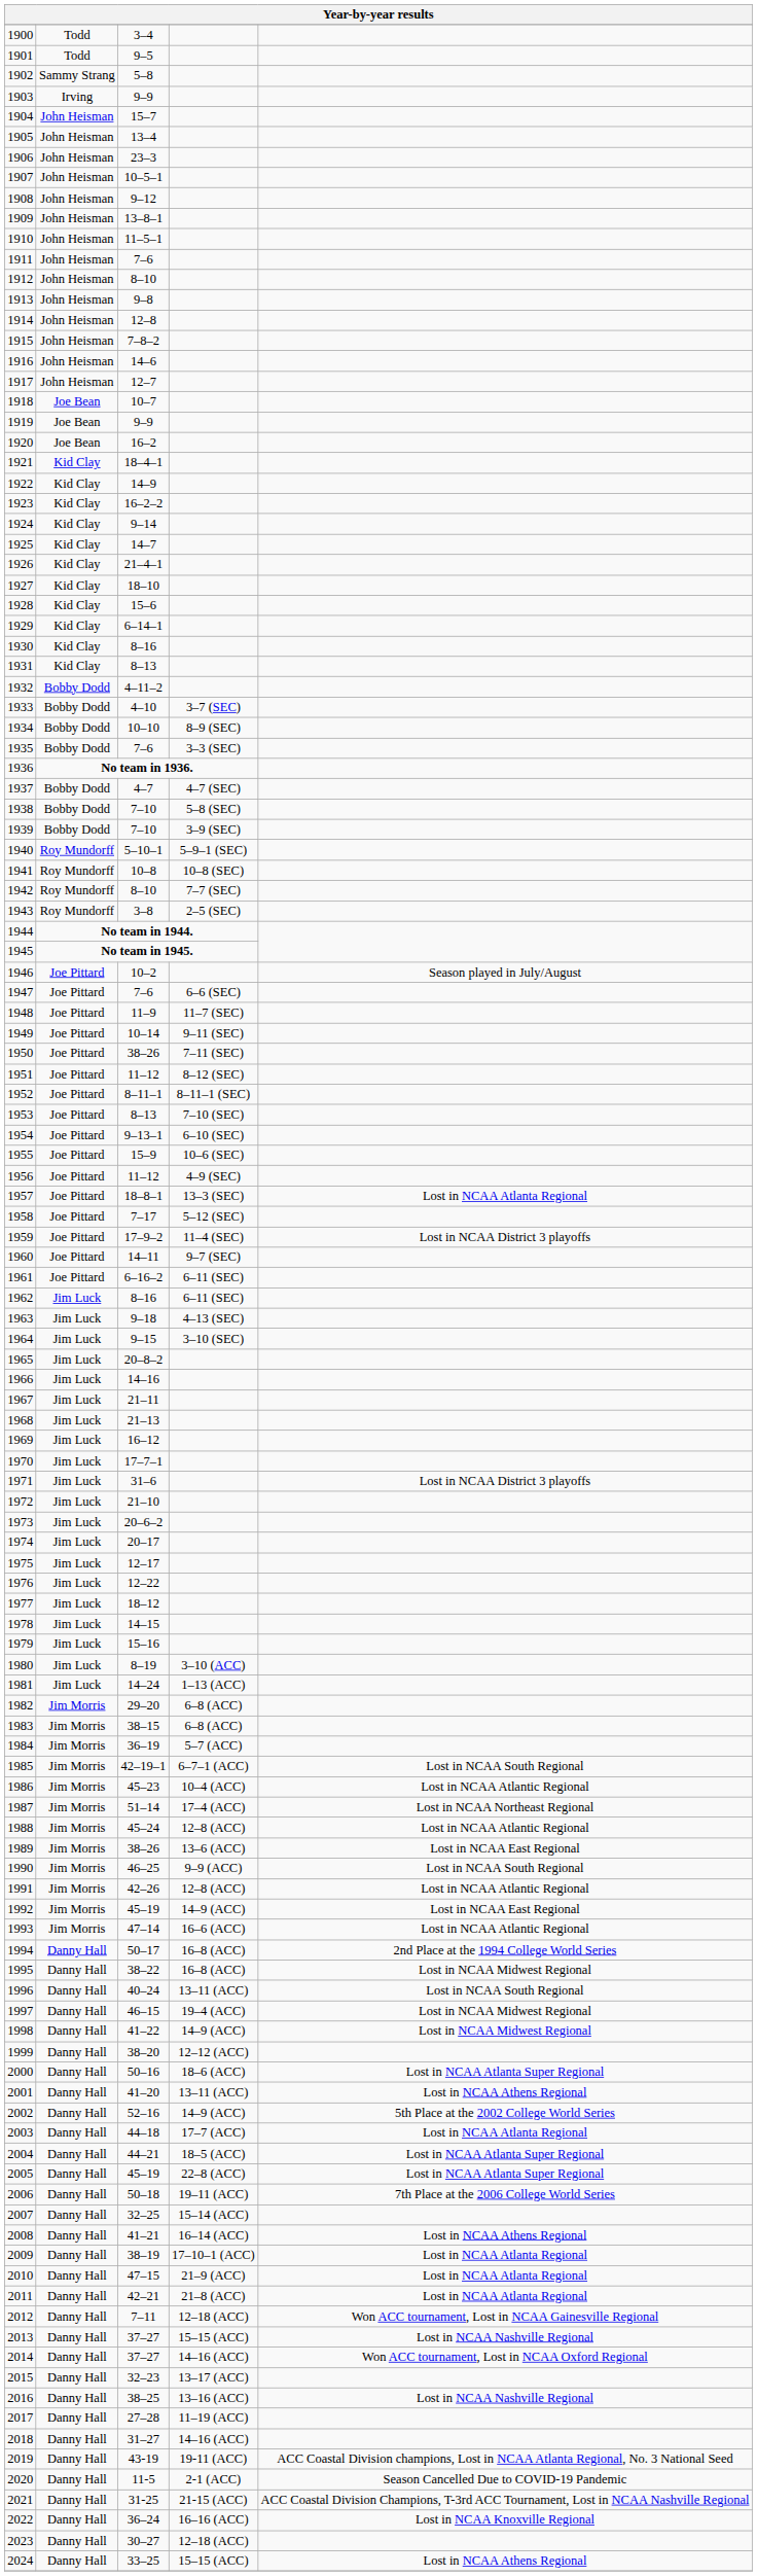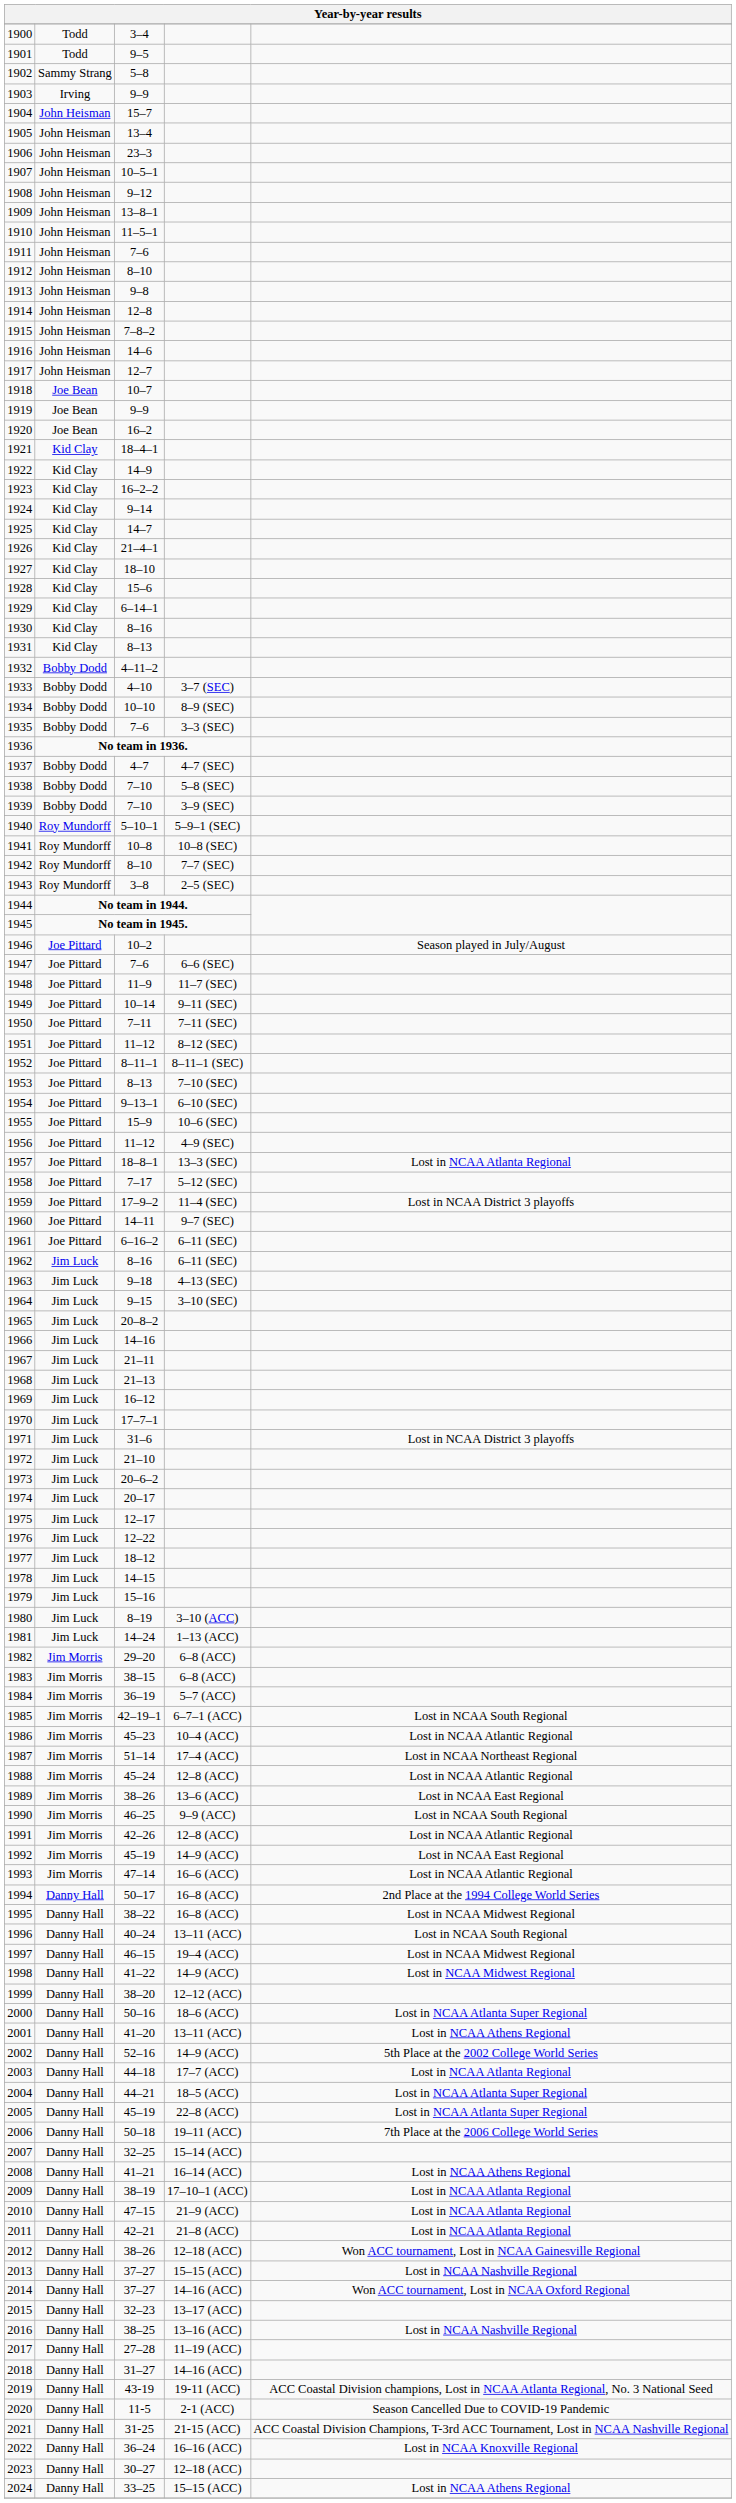 <table class="wikitable sortable collapsible" style="text-align:center">
 <tr>
 <th colspan=5>Year-by-year results</th>
 </tr>
 <tr>
 </tr>
 <tr>
 <td>1900</td>
 <td>Todd</td>
 <td>3–4</td>
 <td></td>
 <td></td>
 </tr>
 <tr>
 <td>1901</td>
 <td>Todd</td>
 <td>9–5</td>
 <td></td>
 <td></td>
 </tr>
 <tr>
 <td>1902</td>
 <td>Sammy Strang</td>
 <td>5–8</td>
 <td></td>
 <td></td>
 </tr>
 <tr>
 <td>1903</td>
 <td>Irving</td>
 <td>9–9</td>
 <td></td>
 <td></td>
 </tr>
 <tr>
 <td>1904</td>
 <td><a href='#'>John Heisman</a></td>
 <td>15–7</td>
 <td></td>
 <td></td>
 </tr>
 <tr>
 <td>1905</td>
 <td>John Heisman</td>
 <td>13–4</td>
 <td></td>
 <td></td>
 </tr>
 <tr>
 <td>1906</td>
 <td>John Heisman</td>
 <td>23–3</td>
 <td></td>
 <td></td>
 </tr>
 <tr>
 <td>1907</td>
 <td>John Heisman</td>
 <td>10–5–1</td>
 <td></td>
 <td></td>
 </tr>
 <tr>
 <td>1908</td>
 <td>John Heisman</td>
 <td>9–12</td>
 <td></td>
 <td></td>
 </tr>
 <tr>
 <td>1909</td>
 <td>John Heisman</td>
 <td>13–8–1</td>
 <td></td>
 <td></td>
 </tr>
 <tr>
 <td>1910</td>
 <td>John Heisman</td>
 <td>11–5–1</td>
 <td></td>
 <td></td>
 </tr>
 <tr>
 <td>1911</td>
 <td>John Heisman</td>
 <td>7–6</td>
 <td></td>
 <td></td>
 </tr>
 <tr>
 <td>1912</td>
 <td>John Heisman</td>
 <td>8–10</td>
 <td></td>
 <td></td>
 </tr>
 <tr>
 <td>1913</td>
 <td>John Heisman</td>
 <td>9–8</td>
 <td></td>
 <td></td>
 </tr>
 <tr>
 <td>1914</td>
 <td>John Heisman</td>
 <td>12–8</td>
 <td></td>
 <td></td>
 </tr>
 <tr>
 <td>1915</td>
 <td>John Heisman</td>
 <td>7–8–2</td>
 <td></td>
 <td></td>
 </tr>
 <tr>
 <td>1916</td>
 <td>John Heisman</td>
 <td>14–6</td>
 <td></td>
 <td></td>
 </tr>
 <tr>
 <td>1917</td>
 <td>John Heisman</td>
 <td>12–7</td>
 <td></td>
 <td></td>
 </tr>
 <tr>
 <td>1918</td>
 <td><a href='#'>Joe Bean</a></td>
 <td>10–7</td>
 <td></td>
 <td></td>
 </tr>
 <tr>
 <td>1919</td>
 <td>Joe Bean</td>
 <td>9–9</td>
 <td></td>
 <td></td>
 </tr>
 <tr>
 <td>1920</td>
 <td>Joe Bean</td>
 <td>16–2</td>
 <td></td>
 <td></td>
 </tr>
 <tr>
 <td>1921</td>
 <td><a href='#'>Kid Clay</a></td>
 <td>18–4–1</td>
 <td></td>
 <td></td>
 </tr>
 <tr>
 <td>1922</td>
 <td>Kid Clay</td>
 <td>14–9</td>
 <td></td>
 <td></td>
 </tr>
 <tr>
 <td>1923</td>
 <td>Kid Clay</td>
 <td>16–2–2</td>
 <td></td>
 <td></td>
 </tr>
 <tr>
 <td>1924</td>
 <td>Kid Clay</td>
 <td>9–14</td>
 <td></td>
 <td></td>
 </tr>
 <tr>
 <td>1925</td>
 <td>Kid Clay</td>
 <td>14–7</td>
 <td></td>
 <td></td>
 </tr>
 <tr>
 <td>1926</td>
 <td>Kid Clay</td>
 <td>21–4–1</td>
 <td></td>
 <td></td>
 </tr>
 <tr>
 <td>1927</td>
 <td>Kid Clay</td>
 <td>18–10</td>
 <td></td>
 <td></td>
 </tr>
 <tr>
 <td>1928</td>
 <td>Kid Clay</td>
 <td>15–6</td>
 <td></td>
 <td></td>
 </tr>
 <tr>
 <td>1929</td>
 <td>Kid Clay</td>
 <td>6–14–1</td>
 <td></td>
 <td></td>
 </tr>
 <tr>
 <td>1930</td>
 <td>Kid Clay</td>
 <td>8–16</td>
 <td></td>
 <td></td>
 </tr>
 <tr>
 <td>1931</td>
 <td>Kid Clay</td>
 <td>8–13</td>
 <td></td>
 <td></td>
 </tr>
 <tr>
 <td>1932</td>
 <td><a href='#'>Bobby Dodd</a></td>
 <td>4–11–2</td>
 <td></td>
 <td></td>
 </tr>
 <tr>
 <td>1933</td>
 <td>Bobby Dodd</td>
 <td>4–10</td>
 <td>3–7 (<a href='#'>SEC</a>)</td>
 <td></td>
 </tr>
 <tr>
 <td>1934</td>
 <td>Bobby Dodd</td>
 <td>10–10</td>
 <td>8–9 (SEC)</td>
 <td></td>
 </tr>
 <tr>
 <td>1935</td>
 <td>Bobby Dodd</td>
 <td>7–6</td>
 <td>3–3 (SEC)</td>
 <td></td>
 </tr>
 <tr>
 <td>1936</td>
 <td colspan=3><strong>No team in 1936.</strong></td>
 </tr>
 <tr>
 <td>1937</td>
 <td>Bobby Dodd</td>
 <td>4–7</td>
 <td>4–7 (SEC)</td>
 <td></td>
 </tr>
 <tr>
 <td>1938</td>
 <td>Bobby Dodd</td>
 <td>7–10</td>
 <td>5–8 (SEC)</td>
 <td></td>
 </tr>
 <tr>
 <td>1939</td>
 <td>Bobby Dodd</td>
 <td>7–10</td>
 <td>3–9 (SEC)</td>
 <td></td>
 </tr>
 <tr>
 <td>1940</td>
 <td><a href='#'>Roy Mundorff</a></td>
 <td>5–10–1</td>
 <td>5–9–1 (SEC)</td>
 <td></td>
 </tr>
 <tr>
 <td>1941</td>
 <td>Roy Mundorff</td>
 <td>10–8</td>
 <td>10–8 (SEC)</td>
 <td></td>
 </tr>
 <tr>
 <td>1942</td>
 <td>Roy Mundorff</td>
 <td>8–10</td>
 <td>7–7 (SEC)</td>
 <td></td>
 </tr>
 <tr>
 <td>1943</td>
 <td>Roy Mundorff</td>
 <td>3–8</td>
 <td>2–5 (SEC)</td>
 <td></td>
 </tr>
 <tr>
 <td>1944</td>
 <td colspan=3><strong>No team in 1944.</strong></td>
 </tr>
 <tr>
 <td>1945</td>
 <td colspan=3><strong>No team in 1945.</strong></td>
 </tr>
 <tr>
 <td>1946</td>
 <td><a href='#'>Joe Pittard</a></td>
 <td>10–2</td>
 <td></td>
 <td>Season played in July/August</td>
 </tr>
 <tr>
 <td>1947</td>
 <td>Joe Pittard</td>
 <td>7–6</td>
 <td>6–6 (SEC)</td>
 <td></td>
 </tr>
 <tr>
 <td>1948</td>
 <td>Joe Pittard</td>
 <td>11–9</td>
 <td>11–7 (SEC)</td>
 <td></td>
 </tr>
 <tr>
 <td>1949</td>
 <td>Joe Pittard</td>
 <td>10–14</td>
 <td>9–11 (SEC)</td>
 <td></td>
 </tr>
 <tr>
 <td>1950</td>
 <td>Joe Pittard</td>
-<td>38–26</td>
+<td>7–11</td>
 <td>7–11 (SEC)</td>
 <td></td>
 </tr>
 <tr>
 <td>1951</td>
 <td>Joe Pittard</td>
 <td>11–12</td>
 <td>8–12 (SEC)</td>
 <td></td>
 </tr>
 <tr>
 <td>1952</td>
 <td>Joe Pittard</td>
 <td>8–11–1</td>
 <td>8–11–1 (SEC)</td>
 <td></td>
 </tr>
 <tr>
 <td>1953</td>
 <td>Joe Pittard</td>
 <td>8–13</td>
 <td>7–10 (SEC)</td>
 <td></td>
 </tr>
 <tr>
 <td>1954</td>
 <td>Joe Pittard</td>
 <td>9–13–1</td>
 <td>6–10 (SEC)</td>
 <td></td>
 </tr>
 <tr>
 <td>1955</td>
 <td>Joe Pittard</td>
 <td>15–9</td>
 <td>10–6 (SEC)</td>
 <td></td>
 </tr>
 <tr>
 <td>1956</td>
 <td>Joe Pittard</td>
 <td>11–12</td>
 <td>4–9 (SEC)</td>
 <td></td>
 </tr>
 <tr>
 <td>1957</td>
 <td>Joe Pittard</td>
 <td>18–8–1</td>
 <td>13–3 (SEC)</td>
 <td>Lost in <a href='#'>NCAA Atlanta Regional</a></td>
 </tr>
 <tr>
 <td>1958</td>
 <td>Joe Pittard</td>
 <td>7–17</td>
 <td>5–12 (SEC)</td>
 <td></td>
 </tr>
 <tr>
 <td>1959</td>
 <td>Joe Pittard</td>
 <td>17–9–2</td>
 <td>11–4 (SEC)</td>
 <td>Lost in NCAA District 3 playoffs</td>
 </tr>
 <tr>
 <td>1960</td>
 <td>Joe Pittard</td>
 <td>14–11</td>
 <td>9–7 (SEC)</td>
 <td></td>
 </tr>
 <tr>
 <td>1961</td>
 <td>Joe Pittard</td>
 <td>6–16–2</td>
 <td>6–11 (SEC)</td>
 <td></td>
 </tr>
 <tr>
 <td>1962</td>
 <td><a href='#'>Jim Luck</a></td>
 <td>8–16</td>
 <td>6–11 (SEC)</td>
 <td></td>
 </tr>
 <tr>
 <td>1963</td>
 <td>Jim Luck</td>
 <td>9–18</td>
 <td>4–13 (SEC)</td>
 <td></td>
 </tr>
 <tr>
 <td>1964</td>
 <td>Jim Luck</td>
 <td>9–15</td>
 <td>3–10 (SEC)</td>
 <td></td>
 </tr>
 <tr>
 <td>1965</td>
 <td>Jim Luck</td>
 <td>20–8–2</td>
 <td></td>
 <td></td>
 </tr>
 <tr>
 <td>1966</td>
 <td>Jim Luck</td>
 <td>14–16</td>
 <td></td>
 <td></td>
 </tr>
 <tr>
 <td>1967</td>
 <td>Jim Luck</td>
 <td>21–11</td>
 <td></td>
 <td></td>
 </tr>
 <tr>
 <td>1968</td>
 <td>Jim Luck</td>
 <td>21–13</td>
 <td></td>
 <td></td>
 </tr>
 <tr>
 <td>1969</td>
 <td>Jim Luck</td>
 <td>16–12</td>
 <td></td>
 <td></td>
 </tr>
 <tr>
 <td>1970</td>
 <td>Jim Luck</td>
 <td>17–7–1</td>
 <td></td>
 <td></td>
 </tr>
 <tr>
 <td>1971</td>
 <td>Jim Luck</td>
 <td>31–6</td>
 <td></td>
 <td>Lost in NCAA District 3 playoffs</td>
 </tr>
 <tr>
 <td>1972</td>
 <td>Jim Luck</td>
 <td>21–10</td>
 <td></td>
 <td></td>
 </tr>
 <tr>
 <td>1973</td>
 <td>Jim Luck</td>
 <td>20–6–2</td>
 <td></td>
 <td></td>
 </tr>
 <tr>
 <td>1974</td>
 <td>Jim Luck</td>
 <td>20–17</td>
 <td></td>
 <td></td>
 </tr>
 <tr>
 <td>1975</td>
 <td>Jim Luck</td>
 <td>12–17</td>
 <td></td>
 <td></td>
 </tr>
 <tr>
 <td>1976</td>
 <td>Jim Luck</td>
 <td>12–22</td>
 <td></td>
 <td></td>
 </tr>
 <tr>
 <td>1977</td>
 <td>Jim Luck</td>
 <td>18–12</td>
 <td></td>
 <td></td>
 </tr>
 <tr>
 <td>1978</td>
 <td>Jim Luck</td>
 <td>14–15</td>
 <td></td>
 <td></td>
 </tr>
 <tr>
 <td>1979</td>
 <td>Jim Luck</td>
 <td>15–16</td>
 <td></td>
 <td></td>
 </tr>
 <tr>
 <td>1980</td>
 <td>Jim Luck</td>
 <td>8–19</td>
 <td>3–10 (<a href='#'>ACC</a>)</td>
 <td></td>
 </tr>
 <tr>
 <td>1981</td>
 <td>Jim Luck</td>
 <td>14–24</td>
 <td>1–13 (ACC)</td>
 <td></td>
 </tr>
 <tr>
 <td>1982</td>
 <td><a href='#'>Jim Morris</a></td>
 <td>29–20</td>
 <td>6–8 (ACC)</td>
 <td></td>
 </tr>
 <tr>
 <td>1983</td>
 <td>Jim Morris</td>
 <td>38–15</td>
 <td>6–8 (ACC)</td>
 <td></td>
 </tr>
 <tr>
 <td>1984</td>
 <td>Jim Morris</td>
 <td>36–19</td>
 <td>5–7 (ACC)</td>
 <td></td>
 </tr>
 <tr>
 <td>1985</td>
 <td>Jim Morris</td>
 <td>42–19–1</td>
 <td>6–7–1 (ACC)</td>
 <td>Lost in NCAA South Regional</td>
 </tr>
 <tr>
 <td>1986</td>
 <td>Jim Morris</td>
 <td>45–23</td>
 <td>10–4 (ACC)</td>
 <td>Lost in NCAA Atlantic Regional</td>
 </tr>
 <tr>
 <td>1987</td>
 <td>Jim Morris</td>
 <td>51–14</td>
 <td>17–4 (ACC)</td>
 <td>Lost in NCAA Northeast Regional</td>
 </tr>
 <tr>
 <td>1988</td>
 <td>Jim Morris</td>
 <td>45–24</td>
 <td>12–8 (ACC)</td>
 <td>Lost in NCAA Atlantic Regional</td>
 </tr>
 <tr>
 <td>1989</td>
 <td>Jim Morris</td>
 <td>38–26</td>
 <td>13–6 (ACC)</td>
 <td>Lost in NCAA East Regional</td>
 </tr>
 <tr>
 <td>1990</td>
 <td>Jim Morris</td>
 <td>46–25</td>
 <td>9–9 (ACC)</td>
 <td>Lost in NCAA South Regional</td>
 </tr>
 <tr>
 <td>1991</td>
 <td>Jim Morris</td>
 <td>42–26</td>
 <td>12–8 (ACC)</td>
 <td>Lost in NCAA Atlantic Regional</td>
 </tr>
 <tr>
 <td>1992</td>
 <td>Jim Morris</td>
 <td>45–19</td>
 <td>14–9 (ACC)</td>
 <td>Lost in NCAA East Regional</td>
 </tr>
 <tr>
 <td>1993</td>
 <td>Jim Morris</td>
 <td>47–14</td>
 <td>16–6 (ACC)</td>
 <td>Lost in NCAA Atlantic Regional</td>
 </tr>
 <tr>
 <td>1994</td>
 <td><a href='#'>Danny Hall</a></td>
 <td>50–17</td>
 <td>16–8 (ACC)</td>
 <td>2nd Place at the <a href='#'>1994 College World Series</a></td>
 </tr>
 <tr>
 <td>1995</td>
 <td>Danny Hall</td>
 <td>38–22</td>
 <td>16–8 (ACC)</td>
 <td>Lost in NCAA Midwest Regional</td>
 </tr>
 <tr>
 <td>1996</td>
 <td>Danny Hall</td>
 <td>40–24</td>
 <td>13–11 (ACC)</td>
 <td>Lost in NCAA South Regional</td>
 </tr>
 <tr>
 <td>1997</td>
 <td>Danny Hall</td>
 <td>46–15</td>
 <td>19–4 (ACC)</td>
 <td>Lost in NCAA Midwest Regional</td>
 </tr>
 <tr>
 <td>1998</td>
 <td>Danny Hall</td>
 <td>41–22</td>
 <td>14–9 (ACC)</td>
 <td>Lost in <a href='#'>NCAA Midwest Regional</a></td>
 </tr>
 <tr>
 <td>1999</td>
 <td>Danny Hall</td>
 <td>38–20</td>
 <td>12–12 (ACC)</td>
 <td></td>
 </tr>
 <tr>
 <td>2000</td>
 <td>Danny Hall</td>
 <td>50–16</td>
 <td>18–6 (ACC)</td>
 <td>Lost in <a href='#'>NCAA Atlanta Super Regional</a></td>
 </tr>
 <tr>
 <td>2001</td>
 <td>Danny Hall</td>
 <td>41–20</td>
 <td>13–11 (ACC)</td>
 <td>Lost in <a href='#'>NCAA Athens Regional</a></td>
 </tr>
 <tr>
 <td>2002</td>
 <td>Danny Hall</td>
 <td>52–16</td>
 <td>14–9 (ACC)</td>
 <td>5th Place at the <a href='#'>2002 College World Series</a></td>
 </tr>
 <tr>
 <td>2003</td>
 <td>Danny Hall</td>
 <td>44–18</td>
 <td>17–7 (ACC)</td>
 <td>Lost in <a href='#'>NCAA Atlanta Regional</a></td>
 </tr>
 <tr>
 <td>2004</td>
 <td>Danny Hall</td>
 <td>44–21</td>
 <td>18–5 (ACC)</td>
 <td>Lost in <a href='#'>NCAA Atlanta Super Regional</a></td>
 </tr>
 <tr>
 <td>2005</td>
 <td>Danny Hall</td>
 <td>45–19</td>
 <td>22–8 (ACC)</td>
 <td>Lost in <a href='#'>NCAA Atlanta Super Regional</a></td>
 </tr>
 <tr>
 <td>2006</td>
 <td>Danny Hall</td>
 <td>50–18</td>
 <td>19–11 (ACC)</td>
 <td>7th Place at the <a href='#'>2006 College World Series</a></td>
 </tr>
 <tr>
 <td>2007</td>
 <td>Danny Hall</td>
 <td>32–25</td>
 <td>15–14 (ACC)</td>
 <td></td>
 </tr>
 <tr>
 <td>2008</td>
 <td>Danny Hall</td>
 <td>41–21</td>
 <td>16–14 (ACC)</td>
 <td>Lost in <a href='#'>NCAA Athens Regional</a></td>
 </tr>
 <tr>
 <td>2009</td>
 <td>Danny Hall</td>
 <td>38–19</td>
 <td>17–10–1 (ACC)</td>
 <td>Lost in <a href='#'>NCAA Atlanta Regional</a></td>
 </tr>
 <tr>
 <td>2010</td>
 <td>Danny Hall</td>
 <td>47–15</td>
 <td>21–9 (ACC)</td>
 <td>Lost in <a href='#'>NCAA Atlanta Regional</a></td>
 </tr>
 <tr>
 <td>2011</td>
 <td>Danny Hall</td>
 <td>42–21</td>
 <td>21–8 (ACC)</td>
 <td>Lost in <a href='#'>NCAA Atlanta Regional</a></td>
 </tr>
 <tr>
 <td>2012</td>
 <td>Danny Hall</td>
-<td>7–11</td>
+<td>38–26</td>
 <td>12–18 (ACC)</td>
 <td>Won <a href='#'>ACC tournament</a>, Lost in <a href='#'>NCAA Gainesville Regional</a></td>
 </tr>
 <tr>
 <td>2013</td>
 <td>Danny Hall</td>
 <td>37–27</td>
 <td>15–15 (ACC)</td>
 <td>Lost in <a href='#'>NCAA Nashville Regional</a></td>
 </tr>
 <tr>
 <td>2014</td>
 <td>Danny Hall</td>
 <td>37–27</td>
 <td>14–16 (ACC)</td>
 <td>Won <a href='#'>ACC tournament</a>, Lost in <a href='#'>NCAA Oxford Regional</a></td>
 </tr>
 <tr>
 <td>2015</td>
 <td>Danny Hall</td>
 <td>32–23</td>
 <td>13–17  (ACC)</td>
 <td></td>
 </tr>
 <tr>
 <td>2016</td>
 <td>Danny Hall</td>
 <td>38–25</td>
 <td>13–16  (ACC)</td>
 <td>Lost in <a href='#'>NCAA Nashville Regional</a></td>
 </tr>
 <tr>
 <td>2017</td>
 <td>Danny Hall</td>
 <td>27–28</td>
 <td>11–19 (ACC)</td>
 <td></td>
 </tr>
 <tr>
 <td>2018</td>
 <td>Danny Hall</td>
 <td>31–27</td>
 <td>14–16 (ACC)</td>
 <td></td>
 </tr>
 <tr>
 <td>2019</td>
 <td>Danny Hall</td>
 <td>43-19</td>
 <td>19-11 (ACC)</td>
 <td>ACC Coastal Division champions, Lost in <a href='#'>NCAA Atlanta Regional</a>, No. 3 National Seed</td>
 </tr>
 <tr>
 <td>2020</td>
 <td>Danny Hall</td>
 <td>11-5</td>
 <td>2-1 (ACC)</td>
 <td>Season Cancelled Due to COVID-19 Pandemic</td>
 </tr>
 <tr>
 <td>2021</td>
 <td>Danny Hall</td>
 <td>31-25</td>
 <td>21-15 (ACC)</td>
 <td>ACC Coastal Division Champions, T-3rd ACC Tournament, Lost in <a href='#'>NCAA Nashville Regional</a></td>
 </tr>
 <tr>
 <td>2022</td>
 <td>Danny Hall</td>
 <td>36–24</td>
 <td>16–16  (ACC)</td>
 <td>Lost in <a href='#'>NCAA Knoxville Regional</a></td>
 </tr>
 <tr>
 <td>2023</td>
 <td>Danny Hall</td>
 <td>30–27</td>
 <td>12–18  (ACC)</td>
 <td></td>
 </tr>
 <tr>
 <td>2024</td>
 <td>Danny Hall</td>
 <td>33–25</td>
 <td>15–15  (ACC)</td>
 <td>Lost in <a href='#'>NCAA Athens Regional</a></td>
 </tr>
 <tr>
 </tr>
 </table>
